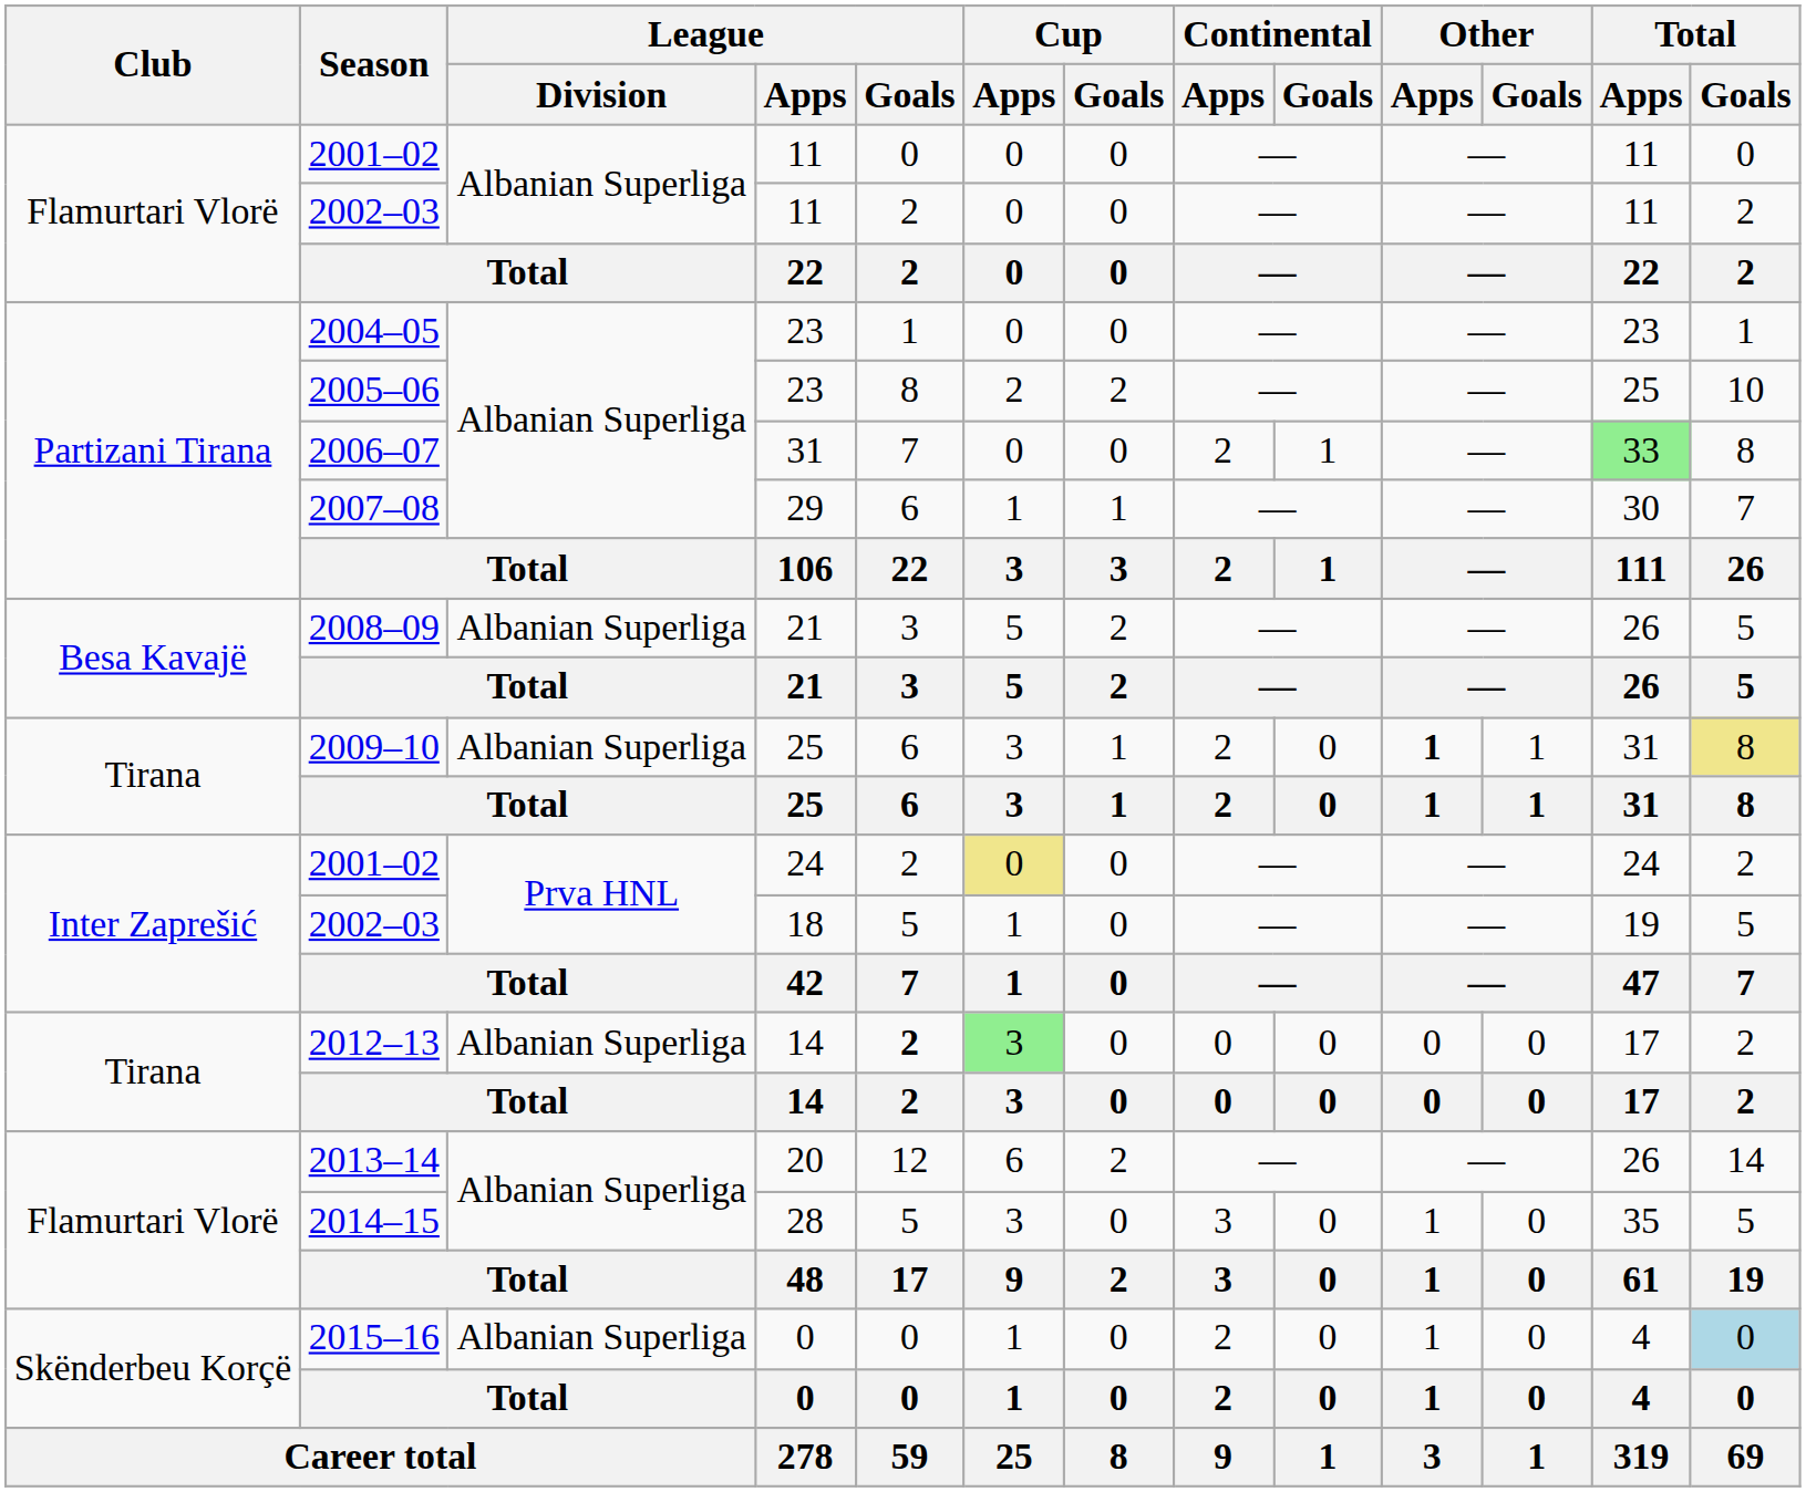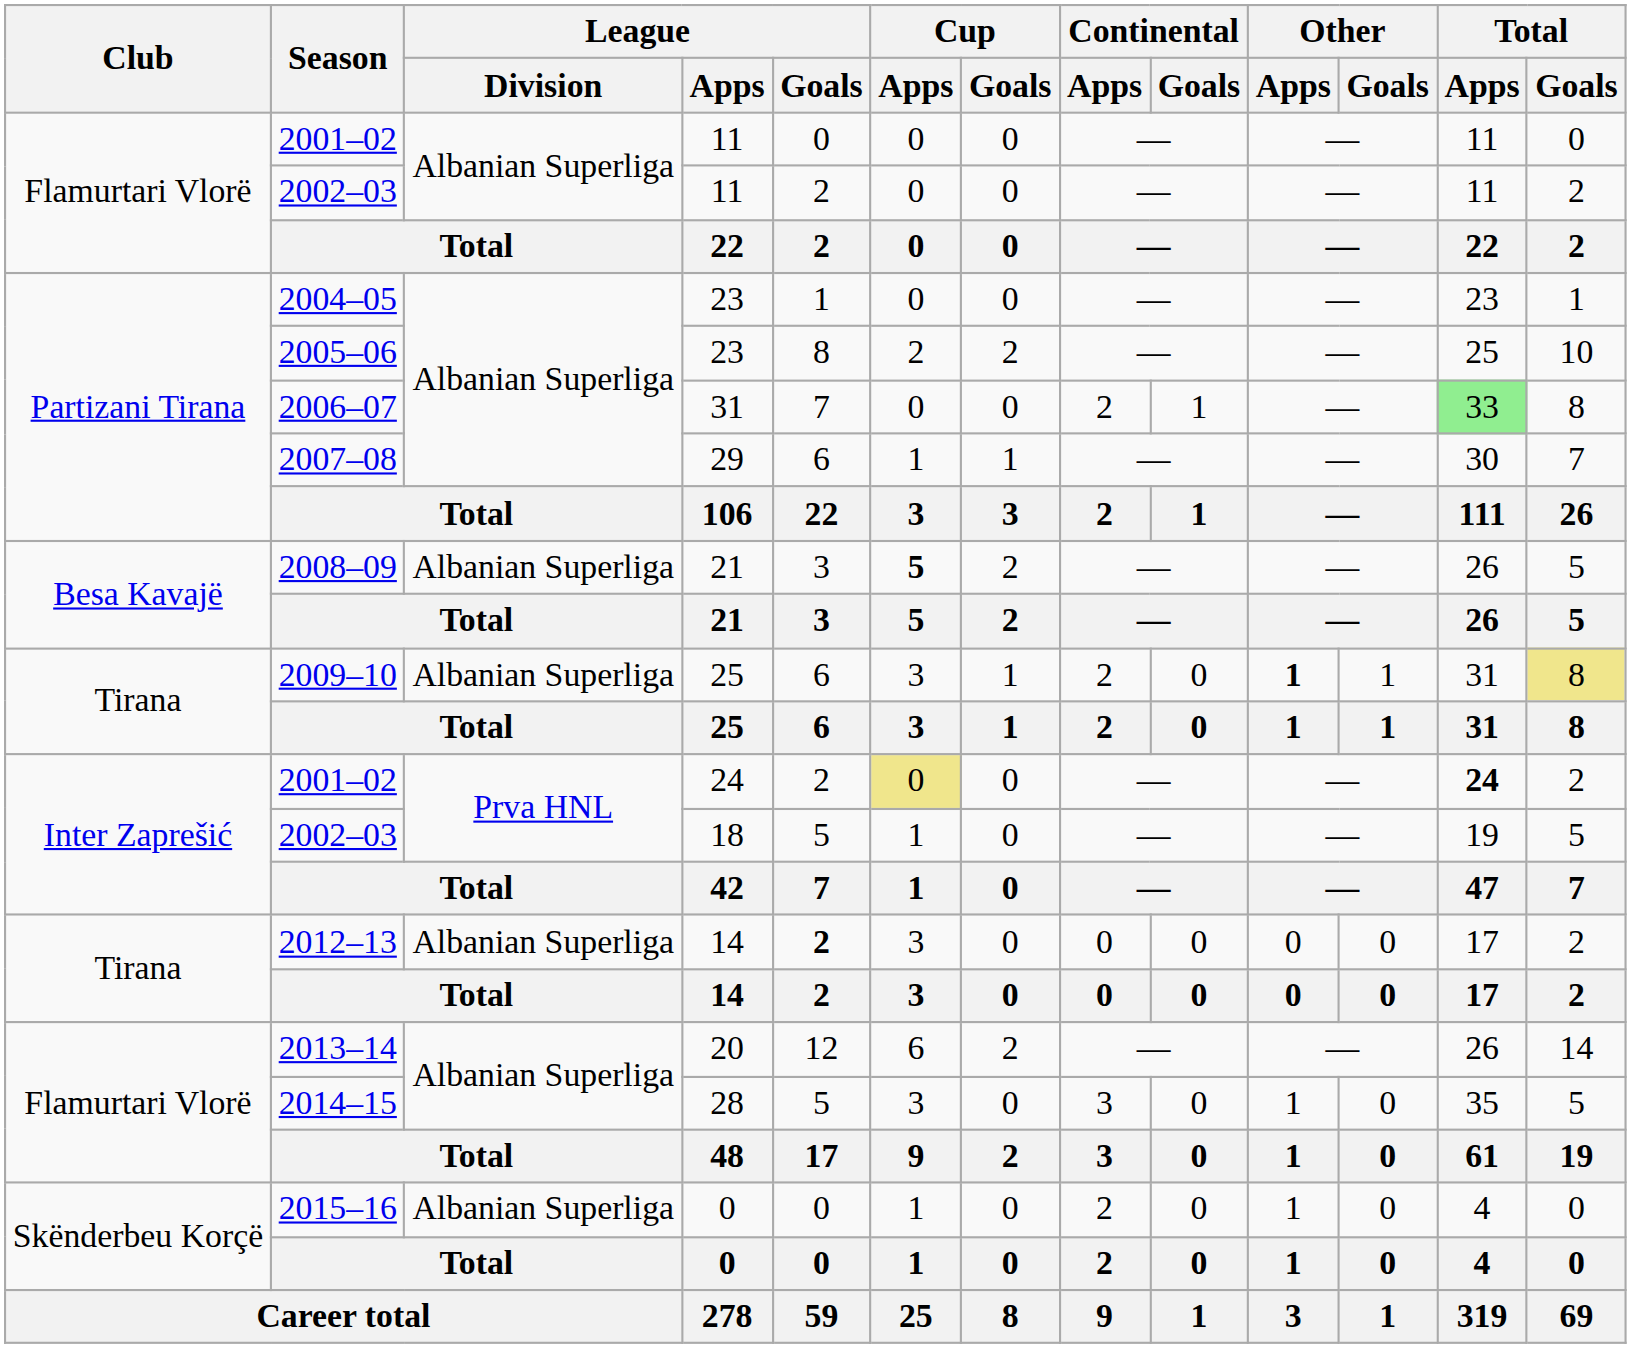 <table class="wikitable" style="text-align:center">
 <tr>
 <th rowspan="2">Club</th>
 <th rowspan="2">Season</th>
 <th colspan="3">League</th>
 <th colspan="2">Cup</th>
 <th colspan="2">Continental</th>
 <th colspan="2">Other</th>
 <th colspan="2">Total</th>
 </tr>
 <tr>
 <th>Division</th>
 <th>Apps</th>
 <th>Goals</th>
 <th>Apps</th>
 <th>Goals</th>
 <th>Apps</th>
 <th>Goals</th>
 <th>Apps</th>
 <th>Goals</th>
 <th>Apps</th>
 <th>Goals</th>
 </tr>
 <tr>
 <td rowspan="3">Flamurtari Vlorë</td>
 <td><a href='#'>2001–02</a></td>
 <td rowspan="2">Albanian Superliga</td>
 <td>11</td>
 <td>0</td>
 <td>0</td>
 <td>0</td>
 <td colspan="2">—</td>
 <td colspan="2">—</td>
 <td>11</td>
 <td>0</td>
 </tr>
 <tr>
 <td><a href='#'>2002–03</a></td>
 <td>11</td>
 <td>2</td>
 <td>0</td>
 <td>0</td>
 <td colspan="2">—</td>
 <td colspan="2">—</td>
 <td>11</td>
 <td>2</td>
 </tr>
 <tr>
 <th colspan="2">Total</th>
 <th>22</th>
 <th>2</th>
 <th>0</th>
 <th>0</th>
 <th colspan="2">—</th>
 <th colspan="2">—</th>
 <th>22</th>
 <th>2</th>
 </tr>
 <tr>
 <td rowspan="5"><a href='#'>Partizani Tirana</a></td>
 <td><a href='#'>2004–05</a></td>
 <td rowspan="4">Albanian Superliga</td>
 <td>23</td>
 <td>1</td>
 <td>0</td>
 <td>0</td>
 <td colspan="2">—</td>
 <td colspan="2">—</td>
 <td>23</td>
 <td>1</td>
 </tr>
 <tr>
 <td><a href='#'>2005–06</a></td>
 <td>23</td>
 <td>8</td>
 <td>2</td>
 <td>2</td>
 <td colspan="2">—</td>
 <td colspan="2">—</td>
 <td>25</td>
 <td>10</td>
 </tr>
 <tr>
 <td><a href='#'>2006–07</a></td>
 <td>31</td>
 <td>7</td>
 <td>0</td>
 <td>0</td>
 <td>2</td>
 <td>1</td>
 <td colspan="2">—</td>
 <td style="background: lightgreen;">33</td>
 <td>8</td>
 </tr>
 <tr>
 <td><a href='#'>2007–08</a></td>
 <td>29</td>
 <td>6</td>
 <td>1</td>
 <td>1</td>
 <td colspan="2">—</td>
 <td colspan="2">—</td>
 <td>30</td>
 <td>7</td>
 </tr>
 <tr>
 <th colspan="2">Total</th>
 <th>106</th>
 <th>22</th>
 <th>3</th>
 <th>3</th>
 <th>2</th>
 <th>1</th>
 <th colspan="2">—</th>
 <th>111</th>
 <th>26</th>
 </tr>
 <tr>
 <td rowspan="2"><a href='#'>Besa Kavajë</a></td>
 <td><a href='#'>2008–09</a></td>
 <td rowspan="1">Albanian Superliga</td>
 <td>21</td>
 <td>3</td>
-<td>5</td>
+<td><strong>5</strong></td>
 <td>2</td>
 <td colspan="2">—</td>
 <td colspan="2">—</td>
 <td>26</td>
 <td>5</td>
 </tr>
 <tr>
 <th colspan="2">Total</th>
 <th>21</th>
 <th>3</th>
 <th>5</th>
 <th>2</th>
 <th colspan="2">—</th>
 <th colspan="2">—</th>
 <th>26</th>
 <th>5</th>
 </tr>
 <tr>
 <td rowspan="2">Tirana</td>
 <td><a href='#'>2009–10</a></td>
 <td rowspan="1">Albanian Superliga</td>
 <td>25</td>
 <td>6</td>
 <td>3</td>
 <td>1</td>
 <td>2</td>
 <td>0</td>
 <td><strong>1</strong></td>
 <td>1</td>
 <td>31</td>
 <td style="background: khaki;">8</td>
 </tr>
 <tr>
 <th colspan="2">Total</th>
 <th>25</th>
 <th>6</th>
 <th>3</th>
 <th>1</th>
 <th>2</th>
 <th>0</th>
 <th>1</th>
 <th>1</th>
 <th>31</th>
 <th>8</th>
 </tr>
 <tr>
 <td rowspan="3"><a href='#'>Inter Zaprešić</a></td>
 <td><a href='#'>2001–02</a></td>
 <td rowspan="2"><a href='#'>Prva HNL</a></td>
 <td>24</td>
 <td>2</td>
 <td style="background: khaki;">0</td>
 <td>0</td>
 <td colspan="2">—</td>
 <td colspan="2">—</td>
-<td>24</td>
+<td><strong>24</strong></td>
 <td>2</td>
 </tr>
 <tr>
 <td><a href='#'>2002–03</a></td>
 <td>18</td>
 <td>5</td>
 <td>1</td>
 <td>0</td>
 <td colspan="2">—</td>
 <td colspan="2">—</td>
 <td>19</td>
 <td>5</td>
 </tr>
 <tr>
 <th colspan="2">Total</th>
 <th>42</th>
 <th>7</th>
 <th>1</th>
 <th>0</th>
 <th colspan="2">—</th>
 <th colspan="2">—</th>
 <th>47</th>
 <th>7</th>
 </tr>
 <tr>
 <td rowspan="2">Tirana</td>
 <td><a href='#'>2012–13</a></td>
 <td rowspan="1">Albanian Superliga</td>
 <td>14</td>
 <td><strong>2</strong></td>
-<td style="background: lightgreen;">3</td>
+<td>3</td>
 <td>0</td>
 <td>0</td>
 <td>0</td>
 <td>0</td>
 <td>0</td>
 <td>17</td>
 <td>2</td>
 </tr>
 <tr>
 <th colspan="2">Total</th>
 <th>14</th>
 <th>2</th>
 <th>3</th>
 <th>0</th>
 <th>0</th>
 <th>0</th>
 <th>0</th>
 <th>0</th>
 <th>17</th>
 <th>2</th>
 </tr>
 <tr>
 <td rowspan="3">Flamurtari Vlorë</td>
 <td><a href='#'>2013–14</a></td>
 <td rowspan="2">Albanian Superliga</td>
 <td>20</td>
 <td>12</td>
 <td>6</td>
 <td>2</td>
 <td colspan="2">—</td>
 <td colspan="2">—</td>
 <td>26</td>
 <td>14</td>
 </tr>
 <tr>
 <td><a href='#'>2014–15</a></td>
 <td>28</td>
 <td>5</td>
 <td>3</td>
 <td>0</td>
 <td>3</td>
 <td>0</td>
 <td>1</td>
 <td>0</td>
 <td>35</td>
 <td>5</td>
 </tr>
 <tr>
 <th colspan="2">Total</th>
 <th>48</th>
 <th>17</th>
 <th>9</th>
 <th>2</th>
 <th>3</th>
 <th>0</th>
 <th>1</th>
 <th>0</th>
 <th>61</th>
 <th>19</th>
 </tr>
 <tr>
 <td rowspan="2">Skënderbeu Korçë</td>
 <td><a href='#'>2015–16</a></td>
 <td rowspan="1">Albanian Superliga</td>
 <td>0</td>
 <td>0</td>
 <td>1</td>
 <td>0</td>
 <td>2</td>
 <td>0</td>
 <td>1</td>
 <td>0</td>
 <td>4</td>
-<td style="background: lightblue;">0</td>
+<td>0</td>
 </tr>
 <tr>
 <th colspan="2">Total</th>
 <th>0</th>
 <th>0</th>
 <th>1</th>
 <th>0</th>
 <th>2</th>
 <th>0</th>
 <th>1</th>
 <th>0</th>
 <th>4</th>
 <th>0</th>
 </tr>
 <tr>
 <th colspan="3">Career total</th>
 <th>278</th>
 <th>59</th>
 <th>25</th>
 <th>8</th>
 <th>9</th>
 <th>1</th>
 <th>3</th>
 <th>1</th>
 <th>319</th>
 <th>69</th>
 </tr>
 </table>
